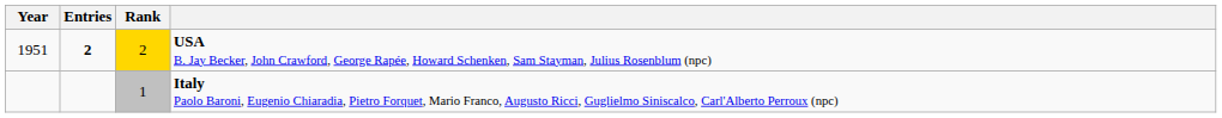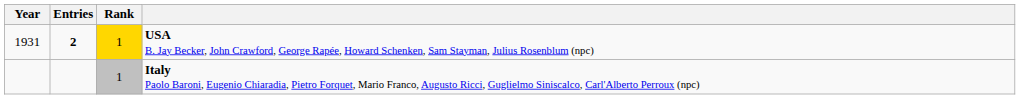 <table class="wikitable" style="width:100%; text-align:center;">
 <tr>
 <th>Year</th>
 <th>Entries</th>
 <th>Rank</th>
 <th></th>
 </tr>
 <tr>
-<td width=50px>1951</td>
+<td width=50px>1931</td>
 <td width=50px><strong>2</strong></td>
-<td style="background:gold; width:50px;">2</td>
+<td style="background:gold; width:50px;">1</td>
 <td align=left> <strong>USA</strong><br><small><a href='#'>B. Jay Becker</a>, <a href='#'>John Crawford</a>, <a href='#'>George Rapée</a>, <a href='#'>Howard Schenken</a>, <a href='#'>Sam Stayman</a>, <a href='#'>Julius Rosenblum</a> (npc)</small></td>
 </tr>
 <tr>
 <td></td>
 <td></td>
 <td style="background:silver;">1</td>
 <td align=left> <strong>Italy</strong><br><small><a href='#'>Paolo Baroni</a>, <a href='#'>Eugenio Chiaradia</a>, <a href='#'>Pietro Forquet</a>, Mario Franco, <a href='#'>Augusto Ricci</a>, <a href='#'>Guglielmo Siniscalco</a>, <a href='#'>Carl'Alberto Perroux</a> (npc)</small></td>
 </tr>
 </table>
